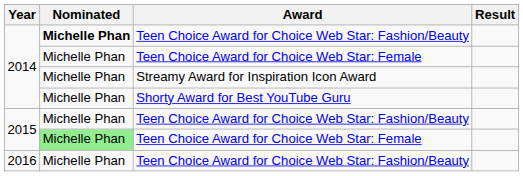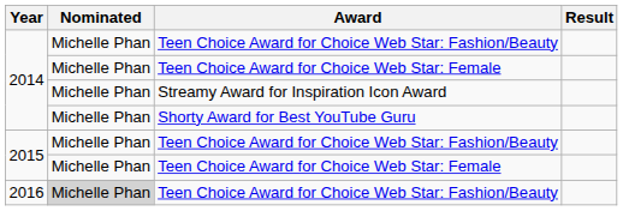 <table class="wikitable sortable">
 <tr>
 <th>Year</th>
 <th>Nominated</th>
 <th>Award</th>
 <th>Result</th>
 </tr>
 <tr>
 <td rowspan="4">2014</td>
-<td><strong>Michelle Phan</strong></td>
+<td>Michelle Phan</td>
 <td><a href='#'>Teen Choice Award for Choice Web Star: Fashion/Beauty</a></td>
 <td></td>
 </tr>
 <tr>
 <td>Michelle Phan</td>
 <td><a href='#'>Teen Choice Award for Choice Web Star: Female</a></td>
 <td></td>
 </tr>
 <tr>
 <td>Michelle Phan</td>
 <td 2014 Streamy Awards>Streamy Award for Inspiration Icon Award</td>
 <td></td>
 </tr>
 <tr>
 <td>Michelle Phan</td>
 <td><a href='#'>Shorty Award for Best YouTube Guru</a></td>
 <td></td>
 </tr>
 <tr>
 <td rowspan="2">2015</td>
 <td>Michelle Phan</td>
 <td><a href='#'>Teen Choice Award for Choice Web Star: Fashion/Beauty</a></td>
 <td></td>
 </tr>
 <tr>
-<td style="background: lightgreen;">Michelle Phan</td>
+<td>Michelle Phan</td>
 <td><a href='#'>Teen Choice Award for Choice Web Star: Female</a></td>
 <td></td>
 </tr>
 <tr>
 <td>2016</td>
-<td>Michelle Phan</td>
+<td style="background: lightgrey;">Michelle Phan</td>
 <td><a href='#'>Teen Choice Award for Choice Web Star: Fashion/Beauty</a></td>
 <td></td>
 </tr>
 </table>
